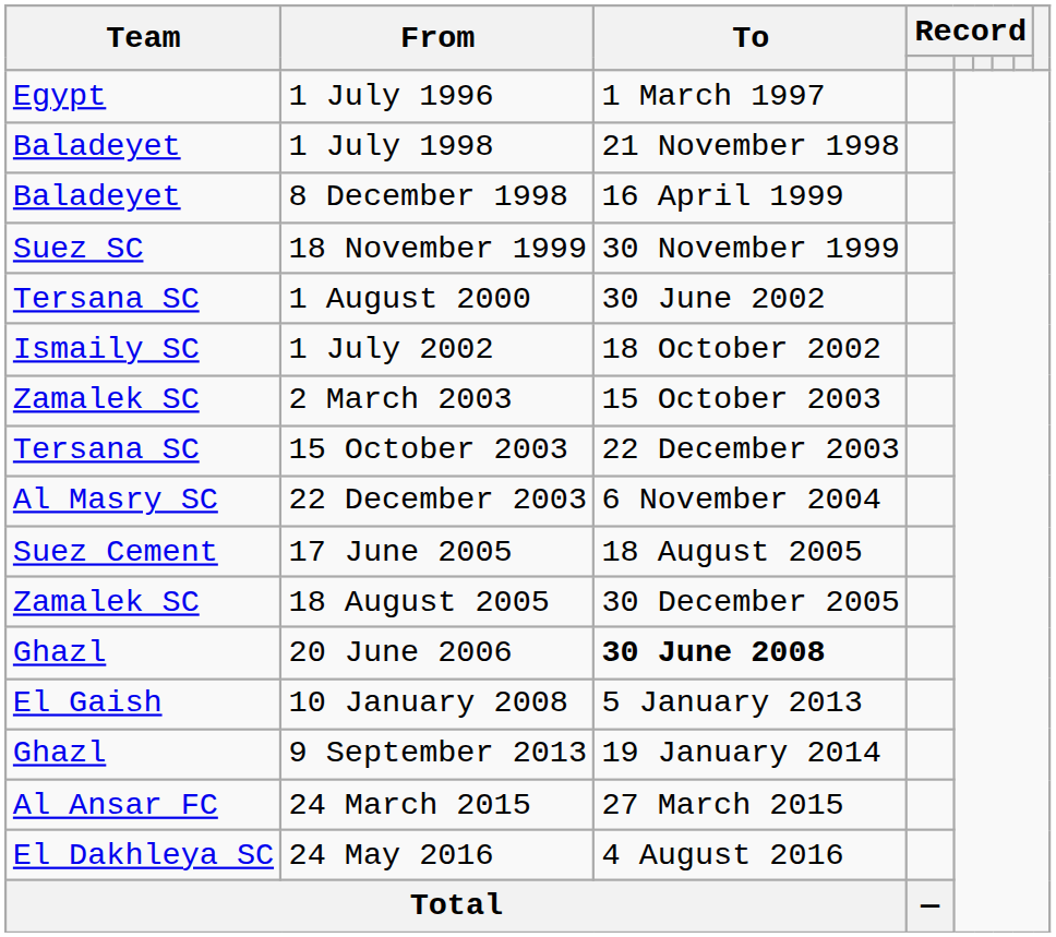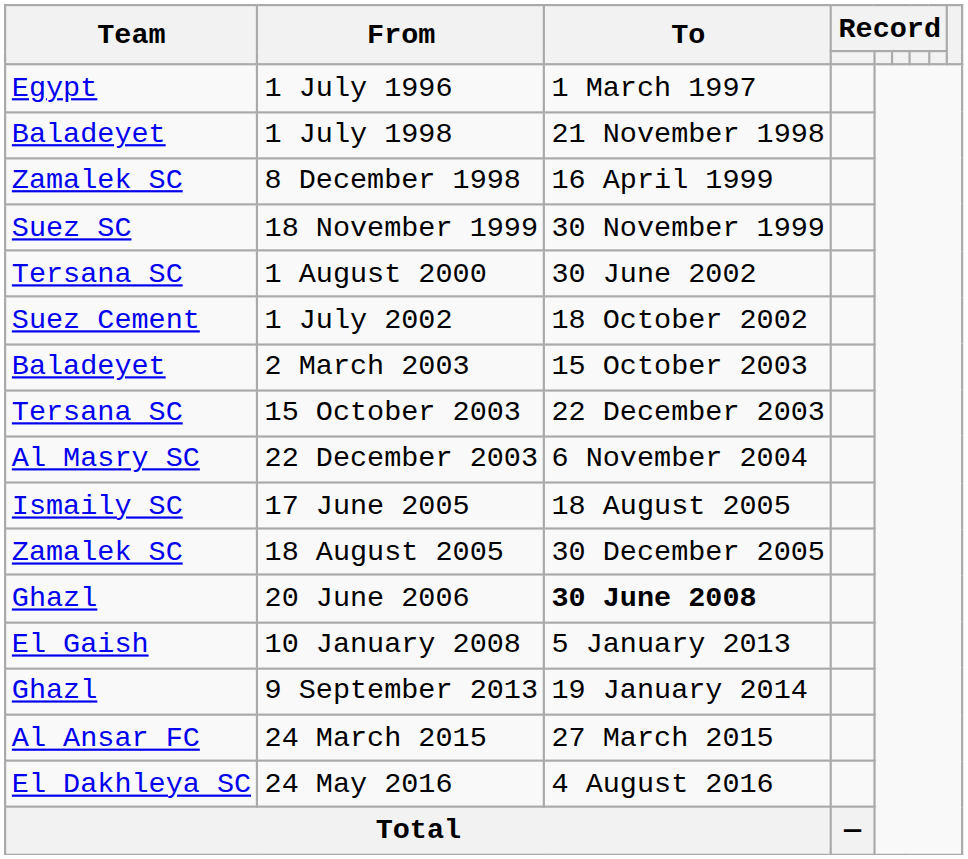 <table class=wikitable style=text-align:center>
 <tr>
 <th rowspan=2>Team</th>
 <th rowspan=2>From</th>
 <th rowspan=2>To</th>
 <th colspan=5>Record</th>
 <th rowspan=2></th>
 </tr>
 <tr>
 <th></th>
 <th></th>
 <th></th>
 <th></th>
 <th></th>
 </tr>
 <tr>
 <td align=left><a href='#'>Egypt</a></td>
 <td align=left>1 July 1996</td>
 <td align=left>1 March 1997<br></td>
 <td></td>
 </tr>
 <tr>
 <td align=left><a href='#'>Baladeyet</a></td>
 <td align=left>1 July 1998</td>
 <td align=left>21 November 1998<br></td>
 <td></td>
 </tr>
 <tr>
-<td align=left><a href='#'>Baladeyet</a></td>
+<td align=left><a href='#'>Zamalek SC</a></td>
 <td align=left>8 December 1998</td>
 <td align=left>16 April 1999<br></td>
 <td></td>
 </tr>
 <tr>
 <td align=left><a href='#'>Suez SC</a></td>
 <td align=left>18 November 1999</td>
 <td align=left>30 November 1999<br></td>
 <td></td>
 </tr>
 <tr>
 <td align=left><a href='#'>Tersana SC</a></td>
 <td align=left>1 August 2000</td>
 <td align=left>30 June 2002<br></td>
 <td></td>
 </tr>
 <tr>
-<td align=left><a href='#'>Ismaily SC</a></td>
+<td align=left><a href='#'>Suez Cement</a></td>
 <td align=left>1 July 2002</td>
 <td align=left>18 October 2002<br></td>
 <td></td>
 </tr>
 <tr>
-<td align=left><a href='#'>Zamalek SC</a></td>
+<td align=left><a href='#'>Baladeyet</a></td>
 <td align=left>2 March 2003</td>
 <td align=left>15 October 2003<br></td>
 <td></td>
 </tr>
 <tr>
 <td align=left><a href='#'>Tersana SC</a></td>
 <td align=left>15 October 2003</td>
 <td align=left>22 December 2003<br></td>
 <td></td>
 </tr>
 <tr>
 <td align=left><a href='#'>Al Masry SC</a></td>
 <td align=left>22 December 2003</td>
 <td align=left>6 November 2004<br></td>
 <td></td>
 </tr>
 <tr>
-<td align=left><a href='#'>Suez Cement</a></td>
+<td align=left><a href='#'>Ismaily SC</a></td>
 <td align=left>17 June 2005</td>
 <td align=left>18 August 2005<br></td>
 <td></td>
 </tr>
 <tr>
 <td align=left><a href='#'>Zamalek SC</a></td>
 <td align=left>18 August 2005</td>
 <td align=left>30 December 2005<br></td>
 <td></td>
 </tr>
 <tr>
 <td align=left><a href='#'>Ghazl</a></td>
 <td align=left>20 June 2006</td>
 <td align=left><strong>30 June 2008<br></strong></td>
 <td></td>
 </tr>
 <tr>
 <td align=left><a href='#'>El Gaish</a></td>
 <td align=left>10 January 2008</td>
 <td align=left>5 January 2013<br></td>
 <td></td>
 </tr>
 <tr>
 <td align=left><a href='#'>Ghazl</a></td>
 <td align=left>9 September 2013</td>
 <td align=left>19 January 2014<br></td>
 <td></td>
 </tr>
 <tr>
 <td align=left><a href='#'>Al Ansar FC</a></td>
 <td align=left>24 March 2015</td>
 <td align=left>27 March 2015<br></td>
 <td></td>
 </tr>
 <tr>
 <td align=left><a href='#'>El Dakhleya SC</a></td>
 <td align=left>24 May 2016</td>
 <td align=left>4 August 2016<br></td>
 <td></td>
 </tr>
 <tr>
 <th colspan=3>Total<br></th>
 <th>—</th>
 </tr>
 </table>
